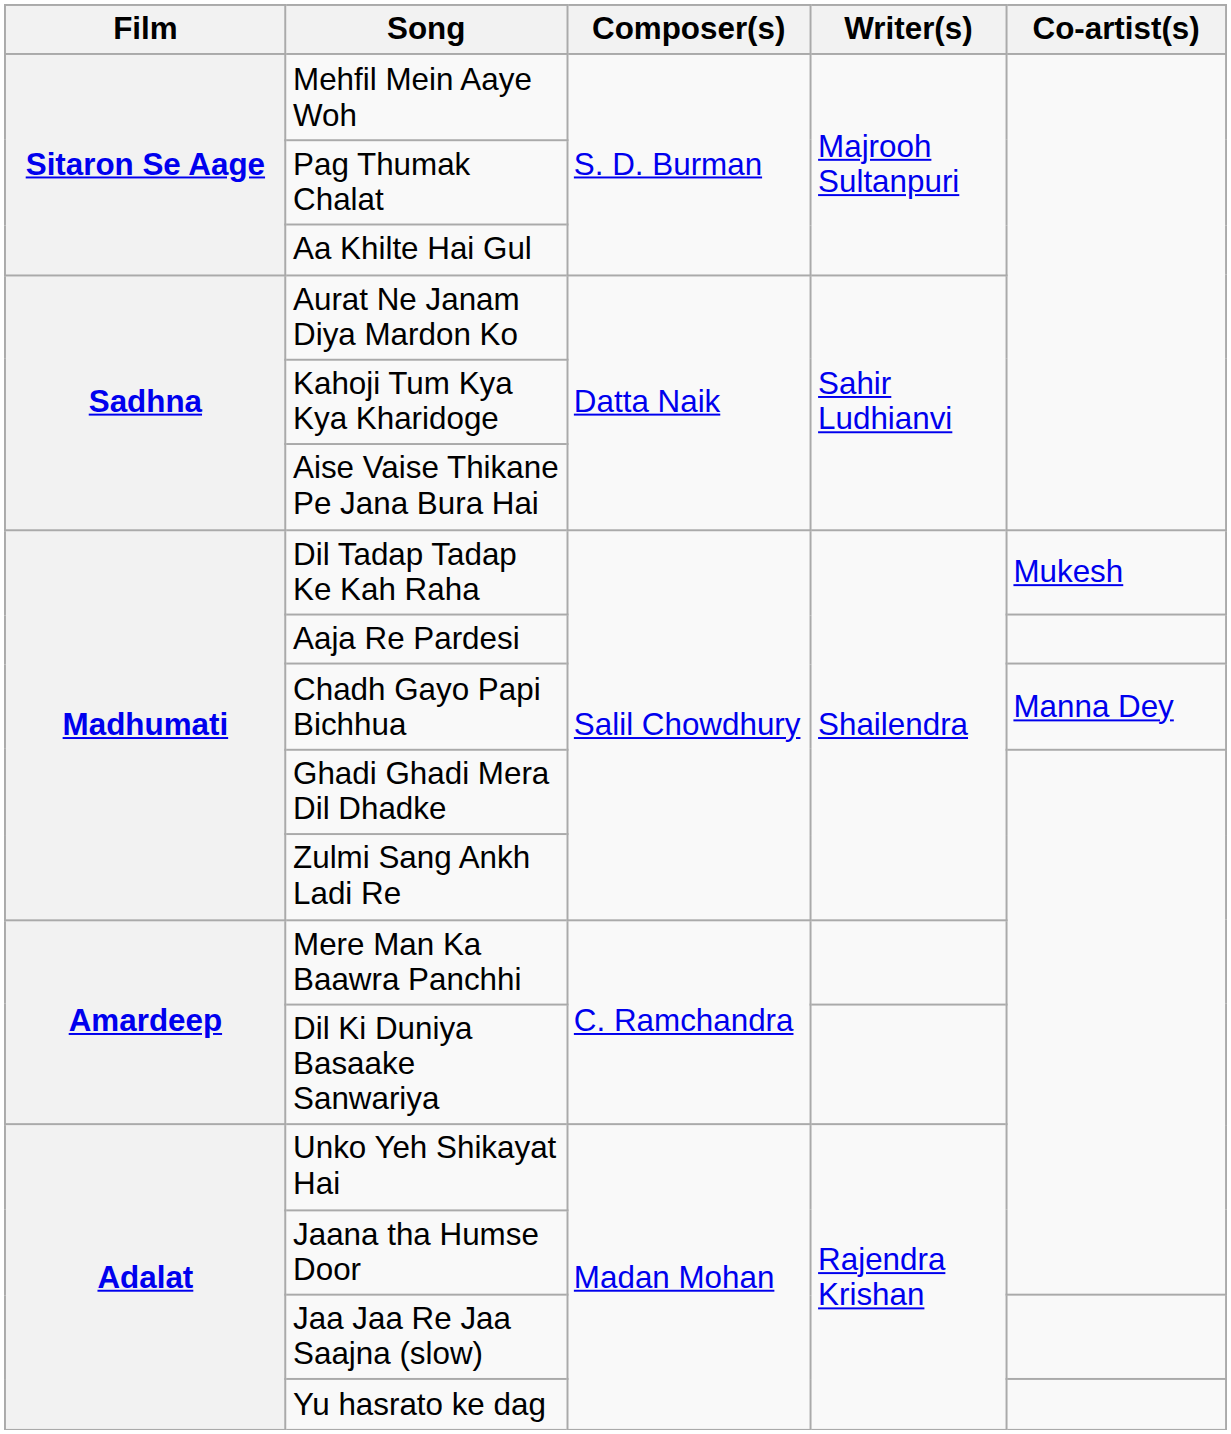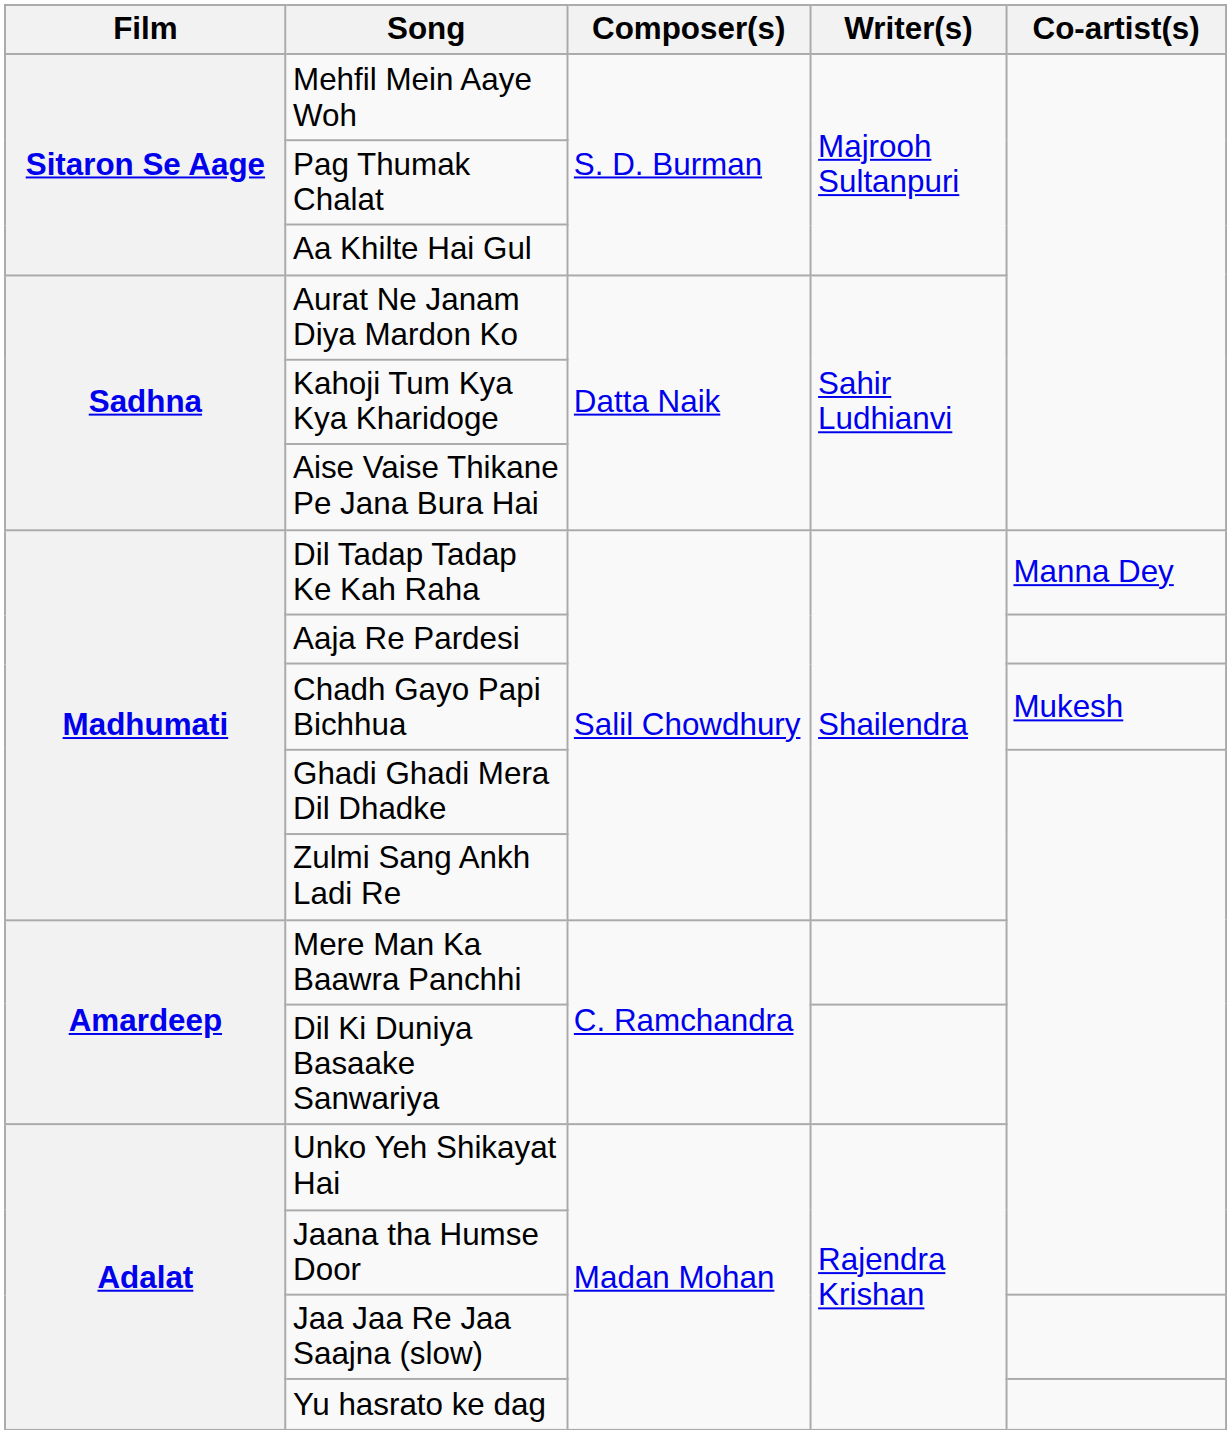 <table class="wikitable plainrowheaders" style="width:100%; textcolor:#000">
 <tr style="background:#b0e0e66;">
 <th scope="col" style="width:23%;"><strong>Film</strong></th>
 <th scope="col" style="width:23%;"><strong>Song</strong></th>
 <th scope="col" style="width:20%;"><strong>Composer(s)</strong></th>
 <th scope="col" style="width:16%;"><strong>Writer(s)</strong></th>
 <th scope="col" style="width:18%;"><strong>Co-artist(s)</strong></th>
 </tr>
 <tr>
 <th rowspan="3"><a href='#'>Sitaron Se Aage</a></th>
 <td>Mehfil Mein Aaye Woh</td>
 <td rowspan="3"><a href='#'>S. D. Burman</a></td>
 <td rowspan="3"><a href='#'>Majrooh Sultanpuri</a></td>
 <td rowspan=6></td>
 </tr>
 <tr>
 <td>Pag Thumak Chalat</td>
 </tr>
 <tr>
 <td>Aa Khilte Hai Gul</td>
 </tr>
 <tr>
 <th rowspan="3"><a href='#'>Sadhna</a></th>
 <td>Aurat Ne Janam Diya Mardon Ko</td>
 <td rowspan="3"><a href='#'>Datta Naik</a></td>
 <td rowspan="3"><a href='#'>Sahir Ludhianvi</a></td>
 </tr>
 <tr>
 <td>Kahoji Tum Kya Kya Kharidoge</td>
 </tr>
 <tr>
 <td>Aise Vaise Thikane Pe Jana Bura Hai</td>
 </tr>
 <tr>
 <th rowspan="5"><a href='#'>Madhumati</a></th>
 <td>Dil Tadap Tadap Ke Kah Raha</td>
 <td rowspan="5"><a href='#'>Salil Chowdhury</a></td>
 <td rowspan="5"><a href='#'>Shailendra</a></td>
-<td><a href='#'>Mukesh</a></td>
+<td><a href='#'>Manna Dey</a></td>
 </tr>
 <tr>
 <td>Aaja Re Pardesi</td>
 <td></td>
 </tr>
 <tr>
 <td>Chadh Gayo Papi Bichhua</td>
-<td><a href='#'>Manna Dey</a></td>
+<td><a href='#'>Mukesh</a></td>
 </tr>
 <tr>
 <td>Ghadi Ghadi Mera Dil Dhadke</td>
 <td rowspan="6"></td>
 </tr>
 <tr>
 <td>Zulmi Sang Ankh Ladi Re</td>
 </tr>
 <tr>
 <th rowspan=2><a href='#'>Amardeep</a></th>
 <td>Mere Man Ka Baawra Panchhi</td>
 <td rowspan="2"><a href='#'>C. Ramchandra</a></td>
 <td></td>
 </tr>
 <tr>
 <td>Dil Ki Duniya Basaake Sanwariya</td>
 <td></td>
 </tr>
 <tr>
 <th rowspan="4"><a href='#'>Adalat</a></th>
 <td>Unko Yeh Shikayat Hai</td>
 <td rowspan="4"><a href='#'>Madan Mohan</a></td>
 <td rowspan="4"><a href='#'>Rajendra Krishan</a></td>
 </tr>
 <tr>
 <td>Jaana tha Humse Door</td>
 </tr>
 <tr>
 <td>Jaa Jaa Re Jaa Saajna (slow)</td>
 <td></td>
 </tr>
 <tr>
 <td>Yu hasrato ke dag</td>
 <td></td>
 </tr>
 </table>
